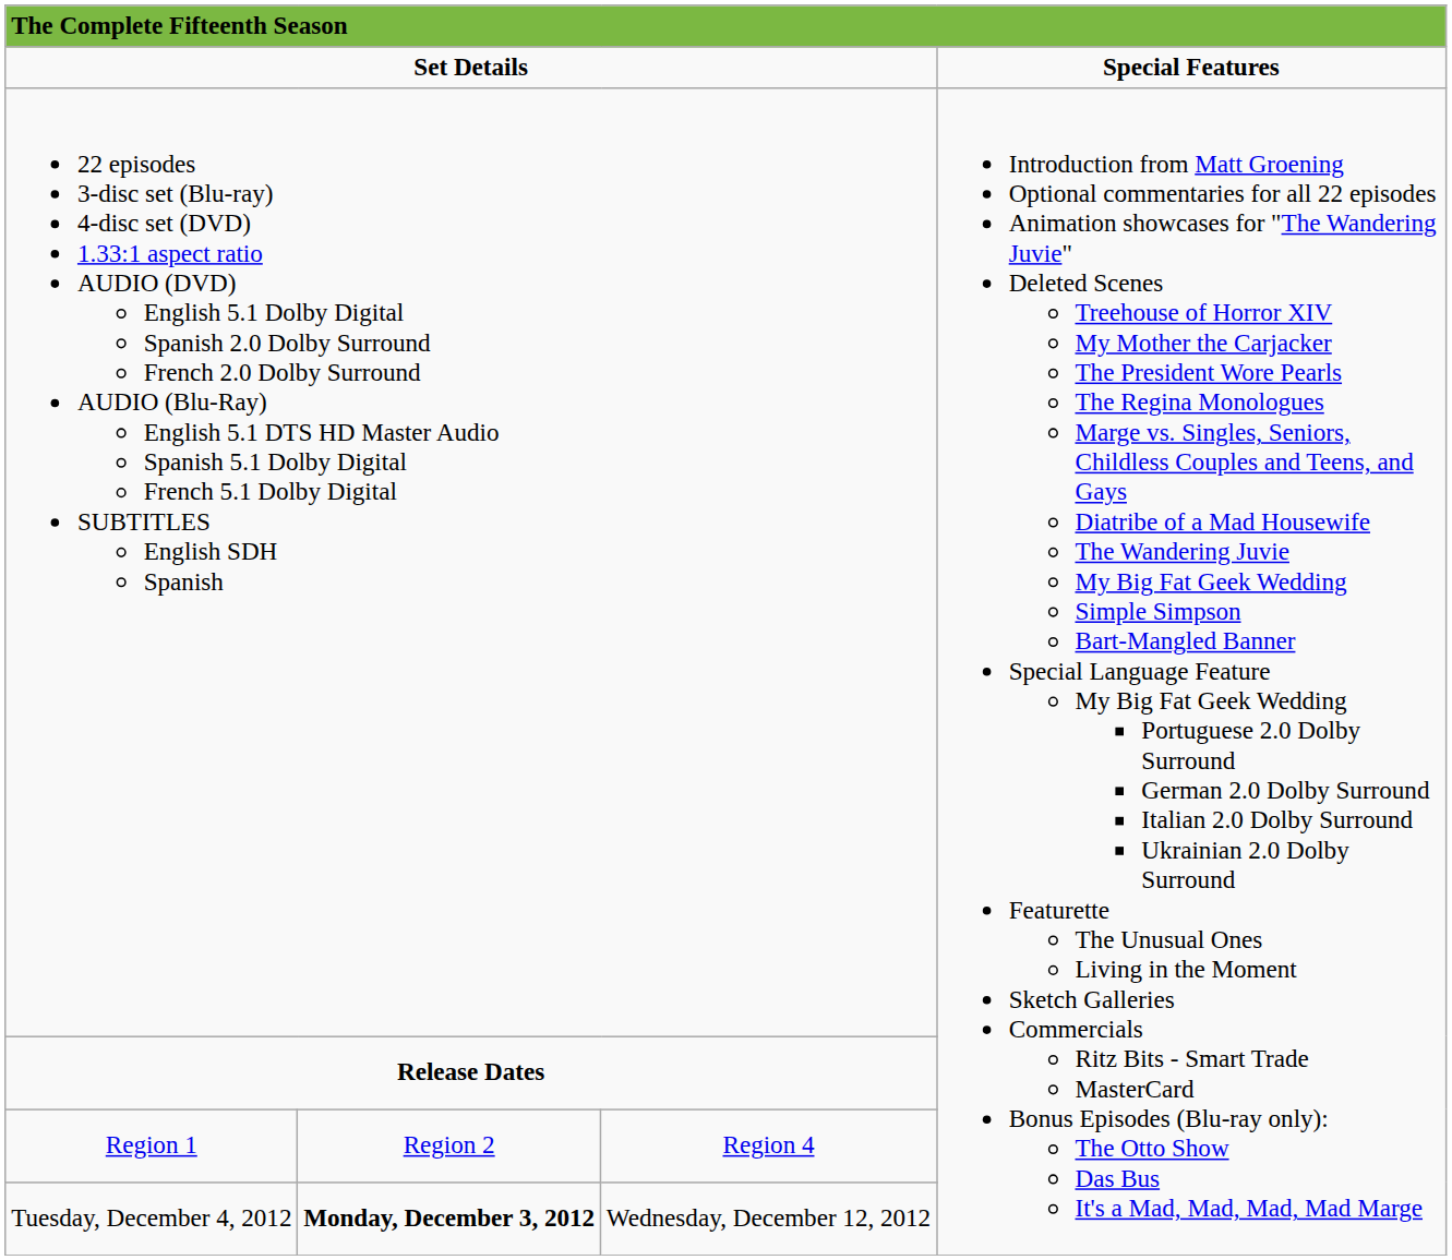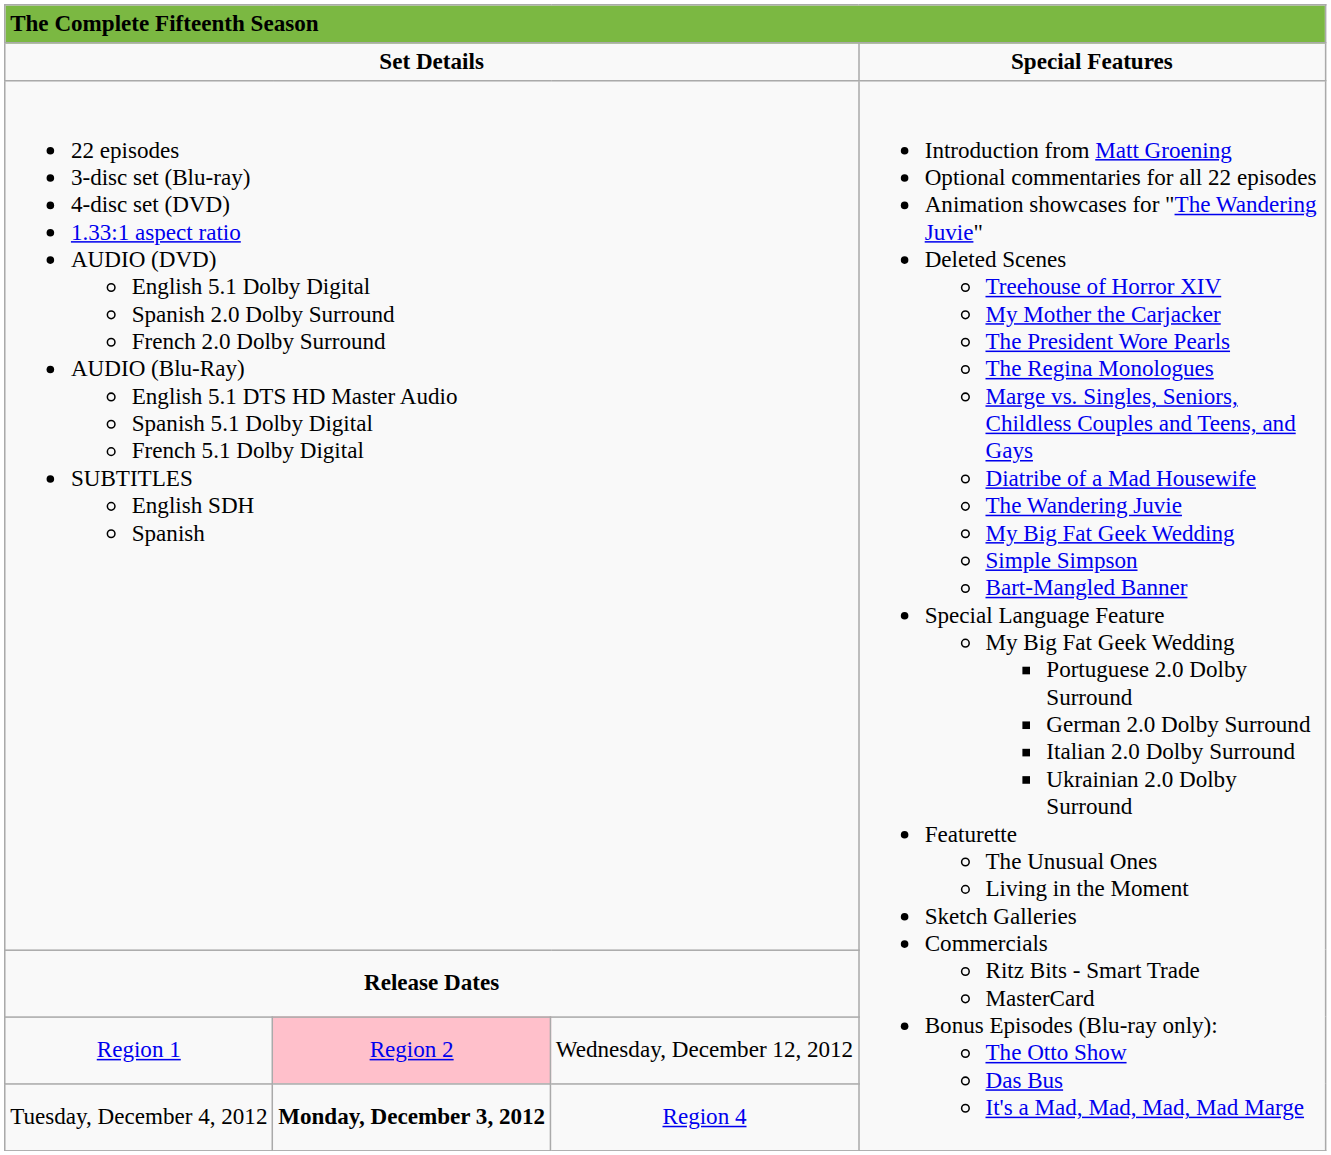 <table class="wikitable" style="font-size: 95%;">
 <tr>
 <td colspan="5" style="background:#7bb842;"><span><strong>The Complete Fifteenth Season</strong></span></td>
 </tr>
 <tr style="vertical-align:top; text-align:center;">
 <td style="width:400px;" colspan="3"><strong>Set Details</strong></td>
 <td style="width:300px; "><strong>Special Features</strong></td>
 </tr>
 <tr valign="top">
 <td colspan="3"  style="text-align:left; width:400px;"><br><ul><li>22 episodes</li><li>3-disc set (Blu-ray)</li><li>4-disc set (DVD)</li><li><a href='#'>1.33:1 aspect ratio</a></li><li>AUDIO (DVD)<ul><li>English 5.1 Dolby Digital</li><li>Spanish 2.0 Dolby Surround</li><li>French 2.0 Dolby Surround</li></ul></li><li>AUDIO (Blu-Ray)<ul><li>English 5.1 DTS HD Master Audio</li><li>Spanish 5.1 Dolby Digital</li><li>French 5.1 Dolby Digital</li></ul></li><li>SUBTITLES<ul><li>English SDH</li><li>Spanish</li></ul></li></ul></td>
 <td rowspan="4"  style="text-align:left; width:300px;"><br><ul><li>Introduction from <a href='#'>Matt Groening</a></li><li>Optional commentaries for all 22 episodes</li><li>Animation showcases for "<a href='#'>The Wandering Juvie</a>"</li><li>Deleted Scenes<ul><li><a href='#'>Treehouse of Horror XIV</a></li><li><a href='#'>My Mother the Carjacker</a></li><li><a href='#'>The President Wore Pearls</a></li><li><a href='#'>The Regina Monologues</a></li><li><a href='#'>Marge vs. Singles, Seniors, Childless Couples and Teens, and Gays</a></li><li><a href='#'>Diatribe of a Mad Housewife</a></li><li><a href='#'>The Wandering Juvie</a></li><li><a href='#'>My Big Fat Geek Wedding</a></li><li><a href='#'>Simple Simpson</a></li><li><a href='#'>Bart-Mangled Banner</a></li></ul></li><li>Special Language Feature<ul><li>My Big Fat Geek Wedding<ul><li>Portuguese 2.0 Dolby Surround</li><li>German 2.0 Dolby Surround</li><li>Italian 2.0 Dolby Surround</li><li>Ukrainian 2.0 Dolby Surround</li></ul></li></ul></li><li>Featurette<ul><li>The Unusual Ones</li><li>Living in the Moment</li></ul></li><li>Sketch Galleries</li><li>Commercials<ul><li>Ritz Bits - Smart Trade</li><li>MasterCard</li></ul></li><li>Bonus Episodes (Blu-ray only):<ul><li><a href='#'>The Otto Show</a></li><li><a href='#'>Das Bus</a></li><li><a href='#'>It's a Mad, Mad, Mad, Mad Marge</a></li></ul></li></ul></td>
 </tr>
 <tr>
 <td colspan="3" style="text-align:center;"><strong>Release Dates</strong></td>
 </tr>
 <tr>
 <td style="text-align:center;"><a href='#'>Region 1</a></td>
-<td style="text-align:center;"><a href='#'>Region 2</a></td>
-<td style="text-align:center;"><a href='#'>Region 4</a></td>
+<td style="background: pink; text-align:center;"><a href='#'>Region 2</a></td>
+<td>Wednesday, December 12, 2012</td>
 </tr>
 <tr style="text-align:center;">
 <td>Tuesday, December 4, 2012</td>
 <td><strong>Monday, December 3, 2012</strong></td>
-<td>Wednesday, December 12, 2012</td>
+<td style="text-align:center;"><a href='#'>Region 4</a></td>
 </tr>
 </table>
